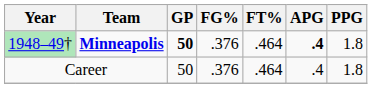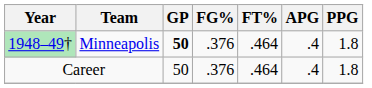 <table class="wikitable sortable" style="font-size:95%; text-align:right;">
 <tr>
 <th>Year</th>
 <th>Team</th>
 <th>GP</th>
 <th>FG%</th>
 <th>FT%</th>
 <th>APG</th>
 <th>PPG</th>
 </tr>
 <tr>
 <td style="text-align:left; background:#afe6ba;"><a href='#'>1948–49</a>†</td>
-<td style="text-align:left;"><strong><a href='#'>Minneapolis</a></strong></td>
+<td style="text-align:left;"><a href='#'>Minneapolis</a></td>
 <td><strong>50</strong></td>
 <td>.376</td>
 <td>.464</td>
-<td><strong>.4</strong></td>
+<td>.4</td>
 <td>1.8</td>
 </tr>
 <tr>
 <td style="text-align:center;" colspan="2">Career</td>
 <td>50</td>
 <td>.376</td>
 <td>.464</td>
 <td>.4</td>
 <td>1.8</td>
 </tr>
 <tr>
 </tr>
 </table>
